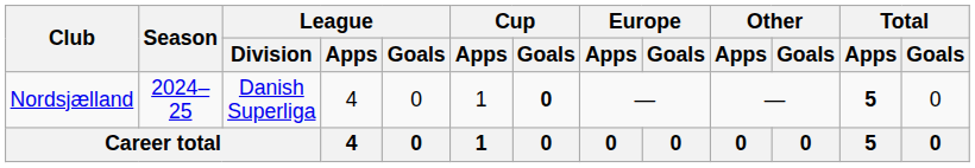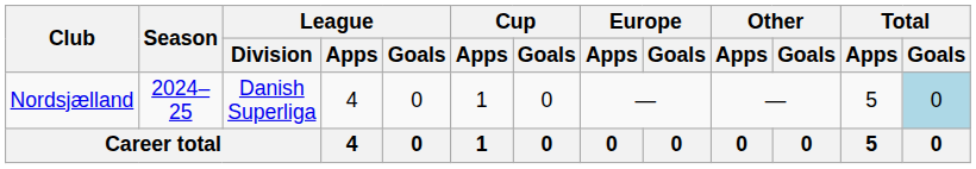 <table class="wikitable" style="text-align:center">
 <tr>
 <th rowspan="2">Club</th>
 <th rowspan="2">Season</th>
 <th colspan="3">League</th>
 <th colspan="2">Cup</th>
 <th colspan="2">Europe</th>
 <th colspan="2">Other</th>
 <th colspan="2">Total</th>
 </tr>
 <tr>
 <th>Division</th>
 <th>Apps</th>
 <th>Goals</th>
 <th>Apps</th>
 <th>Goals</th>
 <th>Apps</th>
 <th>Goals</th>
 <th>Apps</th>
 <th>Goals</th>
 <th>Apps</th>
 <th>Goals</th>
 </tr>
 <tr>
 <td><a href='#'>Nordsjælland</a></td>
 <td><a href='#'>2024–25</a></td>
 <td><a href='#'>Danish Superliga</a></td>
 <td>4</td>
 <td>0</td>
 <td>1</td>
-<td><strong>0</strong></td>
+<td>0</td>
 <td colspan="2">—</td>
 <td colspan="2">—</td>
-<td><strong>5</strong></td>
-<td>0</td>
+<td>5</td>
+<td style="background: lightblue;">0</td>
 </tr>
 <tr>
 <th colspan="3">Career total</th>
 <th>4</th>
 <th>0</th>
 <th>1</th>
 <th>0</th>
 <th>0</th>
 <th>0</th>
 <th>0</th>
 <th>0</th>
 <th>5</th>
 <th>0</th>
 </tr>
 </table>
